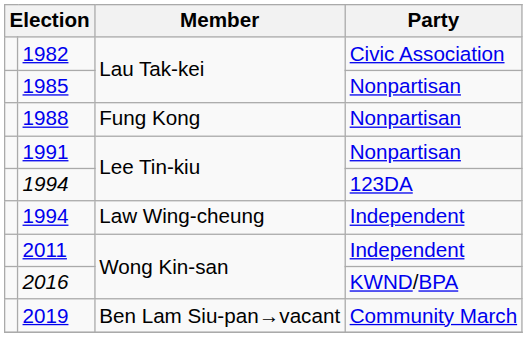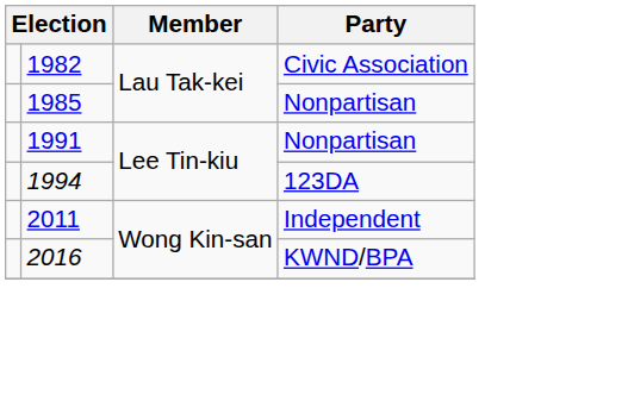 <table class="wikitable">
 <tr>
 <th colspan="2">Election</th>
 <th>Member</th>
 <th>Party</th>
 </tr>
 <tr>
 <td style="background-color: "></td>
 <td><a href='#'>1982</a></td>
 <td rowspan=2>Lau Tak-kei</td>
 <td><a href='#'>Civic Association</a></td>
 </tr>
 <tr>
 <td style="background-color: "></td>
 <td><a href='#'>1985</a></td>
 <td><a href='#'>Nonpartisan</a></td>
 </tr>
 <tr>
 <td style="background-color: "></td>
-<td><a href='#'>1988</a></td>
-<td>Fung Kong</td>
-<td><a href='#'>Nonpartisan</a></td>
-</tr>
-<tr>
-<td style="background-color: "></td>
 <td><a href='#'>1991</a></td>
 <td rowspan=2>Lee Tin-kiu</td>
 <td><a href='#'>Nonpartisan</a></td>
 </tr>
 <tr>
 <td style="background-color: "></td>
 <td><em>1994</em></td>
 <td><a href='#'>123DA</a></td>
-</tr>
-<tr>
-<td style="background-color: "></td>
-<td><a href='#'>1994</a></td>
-<td>Law Wing-cheung</td>
-<td><a href='#'>Independent</a></td>
 </tr>
 <tr>
 <td style="background-color: "></td>
 <td><a href='#'>2011</a></td>
 <td rowspan=2>Wong Kin-san</td>
 <td><a href='#'>Independent</a></td>
 </tr>
 <tr>
 <td style="background-color: "></td>
 <td><em>2016</em></td>
 <td><a href='#'>KWND</a>/<a href='#'>BPA</a></td>
 </tr>
 <tr>
-<td style="background-color: "></td>
-<td><a href='#'>2019</a></td>
-<td>Ben Lam Siu-pan→vacant</td>
-<td><a href='#'>Community March</a></td>
-</tr>
-<tr>
 </tr>
 </table>
